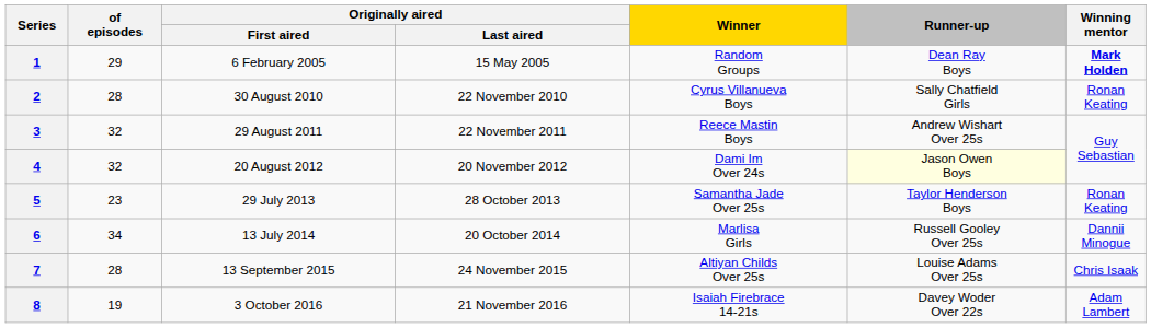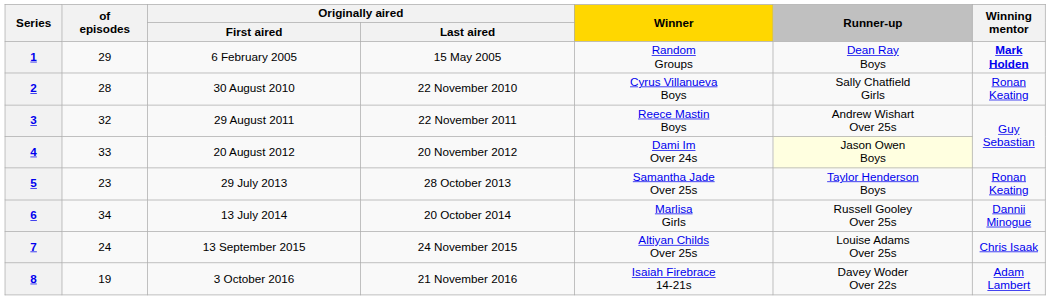 <table class="wikitable" style="margin-left: auto; margin-right: auto; border: none; text-align:center; font-size:100%; width:90%">
 <tr>
 <th style="width:4%;" rowspan="2">Series</th>
 <th style="width:6%;" rowspan="2"><a href='#'></a> of<br>episodes</th>
 <th style="width:20%;" colspan="2">Originally aired</th>
 <th style="width:14%; background:gold;" align="center" rowspan="2">Winner </th>
 <th style="width:14%; background:silver;" align="center"rowspan="2">Runner-up </th>
 <th style="width:4%;" rowspan="2">Winning mentor</th>
 </tr>
 <tr>
 <th style="width:15%;">First aired</th>
 <th style="width:15%;">Last aired</th>
 </tr>
 <tr>
 <th scope="row"><a href='#'>1</a></th>
 <td>29</td>
 <td>6 February 2005</td>
 <td>15 May 2005</td>
 <td><a href='#'>Random</a><br>Groups</td>
 <td><a href='#'>Dean Ray</a><br>Boys</td>
 <td><strong><a href='#'>Mark Holden</a></strong></td>
 </tr>
 <tr>
 <th scope="row"><a href='#'>2</a></th>
 <td>28</td>
 <td>30 August 2010</td>
 <td>22 November 2010</td>
 <td><a href='#'>Cyrus Villanueva</a><br>Boys</td>
 <td>Sally Chatfield<br>Girls</td>
 <td><a href='#'>Ronan Keating</a></td>
 </tr>
 <tr>
 <th scope="row"><a href='#'>3</a></th>
 <td>32</td>
 <td>29 August 2011</td>
 <td>22 November 2011</td>
 <td><a href='#'>Reece Mastin</a><br>Boys</td>
 <td>Andrew Wishart<br>Over 25s</td>
 <td rowspan=2><a href='#'>Guy Sebastian</a></td>
 </tr>
 <tr>
 <th scope="row"><a href='#'>4</a></th>
-<td>32</td>
+<td>33</td>
 <td>20 August 2012</td>
 <td>20 November 2012</td>
 <td><a href='#'>Dami Im</a><br>Over 24s</td>
 <td style="background: lightyellow;">Jason Owen<br>Boys</td>
 </tr>
 <tr>
 <th scope="row"><a href='#'>5</a></th>
 <td>23</td>
 <td>29 July 2013</td>
 <td>28 October 2013</td>
 <td><a href='#'>Samantha Jade</a><br>Over 25s</td>
 <td><a href='#'>Taylor Henderson</a><br>Boys</td>
 <td><a href='#'>Ronan Keating</a></td>
 </tr>
 <tr>
 <th scope="row"><a href='#'>6</a></th>
 <td>34</td>
 <td>13 July 2014</td>
 <td>20 October 2014</td>
 <td><a href='#'>Marlisa</a><br>Girls</td>
 <td>Russell Gooley<br>Over 25s</td>
 <td><a href='#'>Dannii Minogue</a></td>
 </tr>
 <tr>
 <th><a href='#'>7</a></th>
-<td>28</td>
+<td>24</td>
 <td>13 September 2015</td>
 <td>24 November 2015</td>
 <td><a href='#'>Altiyan Childs</a><br>Over 25s</td>
 <td>Louise Adams<br>Over 25s</td>
 <td><a href='#'>Chris Isaak</a></td>
 </tr>
 <tr>
 <th scope="row"><a href='#'>8</a></th>
 <td>19</td>
 <td>3 October 2016</td>
 <td>21 November 2016</td>
 <td><a href='#'>Isaiah Firebrace</a><br>14-21s</td>
 <td>Davey Woder<br>Over 22s</td>
 <td><a href='#'>Adam Lambert</a></td>
 </tr>
 </table>
